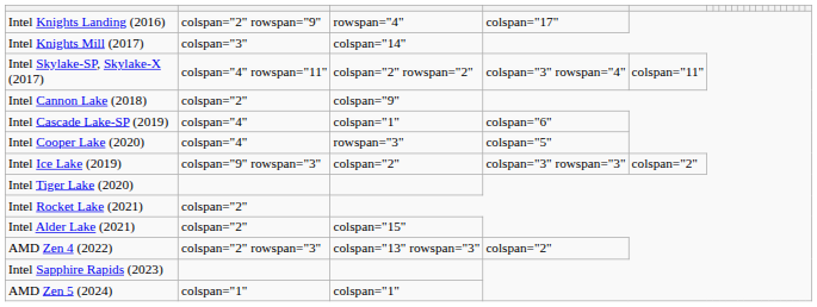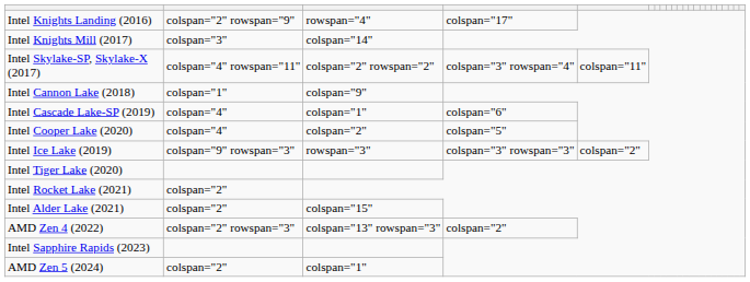 <table class="wikitable">
 <tr>
 <th></th>
 <th></th>
 <th></th>
 <th></th>
 <th></th>
 <th></th>
 <th></th>
 <th></th>
 <th></th>
 <th></th>
 <th></th>
 <th></th>
 <th></th>
 <th></th>
 <th></th>
 <th></th>
 <th></th>
 <th></th>
 <th></th>
 <th></th>
 <th></th>
 <th></th>
 </tr>
 <tr>
 <td style=width:200px>Intel <a href='#'>Knights Landing</a> (2016)</td>
 <td>colspan="2" rowspan="9" </td>
 <td>rowspan="4" </td>
 <td>colspan="17" </td>
 </tr>
 <tr>
 <td>Intel <a href='#'>Knights Mill</a> (2017)</td>
 <td>colspan="3" </td>
 <td>colspan="14" </td>
 </tr>
 <tr>
 <td>Intel <a href='#'>Skylake-SP</a>, <a href='#'>Skylake-X</a> (2017)</td>
 <td>colspan="4" rowspan="11" </td>
 <td>colspan="2" rowspan="2" </td>
 <td>colspan="3" rowspan="4" </td>
 <td>colspan="11" </td>
 </tr>
 <tr>
 <td>Intel <a href='#'>Cannon Lake</a> (2018)</td>
-<td>colspan="2" </td>
+<td>colspan="1" </td>
 <td>colspan="9" </td>
 </tr>
 <tr>
 <td>Intel <a href='#'>Cascade Lake-SP</a> (2019)</td>
 <td>colspan="4" </td>
 <td>colspan="1" </td>
 <td>colspan="6" </td>
 </tr>
 <tr>
 <td>Intel <a href='#'>Cooper Lake</a> (2020)</td>
 <td>colspan="4" </td>
-<td>rowspan="3" </td>
+<td>colspan="2" </td>
 <td>colspan="5" </td>
 </tr>
 <tr>
 <td>Intel <a href='#'>Ice Lake</a> (2019)</td>
 <td>colspan="9" rowspan="3" </td>
-<td>colspan="2" </td>
+<td>rowspan="3" </td>
 <td>colspan="3" rowspan="3" </td>
 <td>colspan="2" </td>
 </tr>
 <tr>
 <td>Intel <a href='#'>Tiger Lake</a> (2020)</td>
 <td></td>
 <td></td>
 </tr>
 <tr>
 <td>Intel <a href='#'>Rocket Lake</a> (2021)</td>
 <td>colspan="2" </td>
 </tr>
 <tr>
 <td>Intel <a href='#'>Alder Lake</a> (2021)</td>
 <td>colspan="2" </td>
 <td>colspan="15" </td>
 </tr>
 <tr>
 <td>AMD <a href='#'>Zen 4</a> (2022)</td>
 <td>colspan="2" rowspan="3" </td>
 <td>colspan="13" rowspan="3" </td>
 <td>colspan="2" </td>
 </tr>
 <tr>
 <td>Intel <a href='#'>Sapphire Rapids</a> (2023)</td>
 <td></td>
 <td></td>
 </tr>
 <tr>
 <td>AMD <a href='#'>Zen 5</a> (2024)</td>
-<td>colspan="1" </td>
+<td>colspan="2" </td>
 <td>colspan="1" </td>
 </tr>
 </table>
